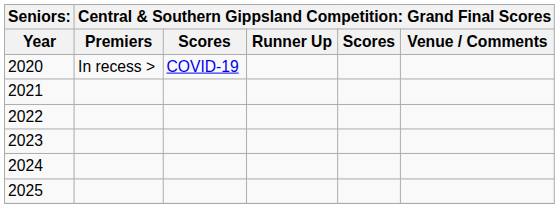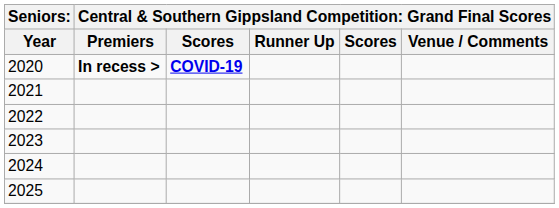 <table class="wikitable collapsible collapsed">
 <tr>
 <th>Seniors:</th>
 <th colspan=9>Central & Southern Gippsland Competition: Grand Final Scores</th>
 </tr>
 <tr>
 <th>Year</th>
 <th>Premiers</th>
 <th>Scores</th>
 <th>Runner Up</th>
 <th>Scores</th>
 <th>Venue / Comments</th>
 </tr>
 <tr>
 <td>2020</td>
-<td>In recess ></td>
-<td><a href='#'>COVID-19</a></td>
+<td><strong>In recess ></strong></td>
+<td><strong><a href='#'>COVID-19</a></strong></td>
 <td></td>
 <td></td>
 <td></td>
 </tr>
 <tr>
 <td>2021</td>
 <td></td>
 <td></td>
 <td></td>
 <td></td>
 <td></td>
 </tr>
 <tr>
 <td>2022</td>
 <td></td>
 <td></td>
 <td></td>
 <td></td>
 <td></td>
 </tr>
 <tr>
 <td>2023</td>
 <td></td>
 <td></td>
 <td></td>
 <td></td>
 <td></td>
 </tr>
 <tr>
 <td>2024</td>
 <td></td>
 <td></td>
 <td></td>
 <td></td>
 <td></td>
 </tr>
 <tr>
 <td>2025</td>
 <td></td>
 <td></td>
 <td></td>
 <td></td>
 <td></td>
 </tr>
 <tr>
 </tr>
 </table>
